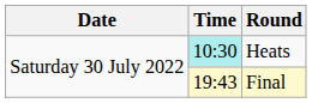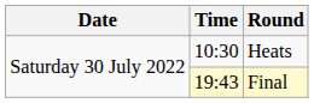 <table class="wikitable">
 <tr>
 <th>Date</th>
 <th>Time</th>
 <th>Round</th>
 </tr>
 <tr>
 <td rowspan=2>Saturday 30 July 2022</td>
-<td style="background: paleturquoise;">10:30</td>
+<td>10:30</td>
 <td>Heats</td>
 </tr>
 <tr>
 <td style=background:lemonchiffon>19:43</td>
 <td style=background:lemonchiffon>Final</td>
 </tr>
 </table>
